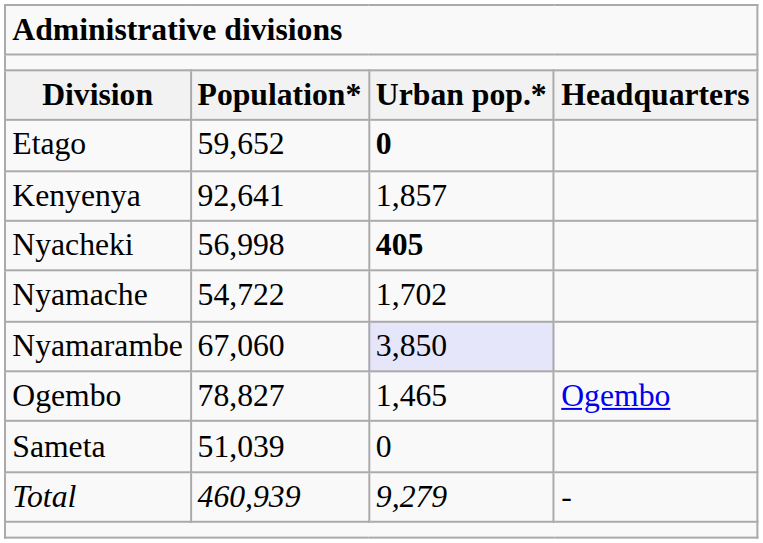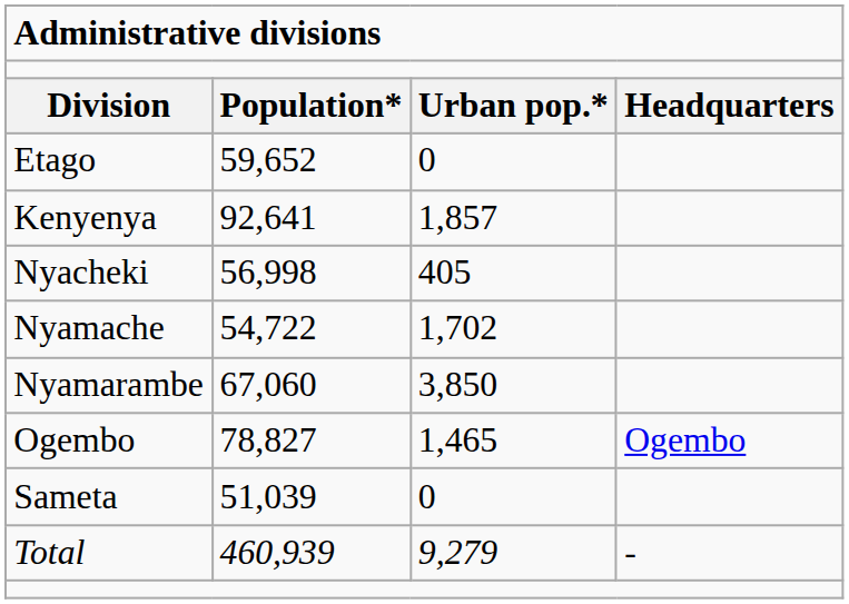 <table class="wikitable">
 <tr>
 <td colspan="4"><strong>Administrative divisions</strong></td>
 </tr>
 <tr>
 <td colspan="4"></td>
 </tr>
 <tr>
 <th>Division</th>
 <th>Population*</th>
 <th>Urban pop.*</th>
 <th>Headquarters</th>
 </tr>
 <tr>
 <td>Etago</td>
 <td>59,652</td>
-<td><strong>0</strong></td>
+<td>0</td>
 <td></td>
 </tr>
 <tr>
 <td>Kenyenya</td>
 <td>92,641</td>
 <td>1,857</td>
 <td></td>
 </tr>
 <tr>
 <td>Nyacheki</td>
 <td>56,998</td>
-<td><strong>405</strong></td>
+<td>405</td>
 <td></td>
 </tr>
 <tr>
 <td>Nyamache</td>
 <td>54,722</td>
 <td>1,702</td>
 <td></td>
 </tr>
 <tr>
 <td>Nyamarambe</td>
 <td>67,060</td>
-<td style="background: lavender;">3,850</td>
+<td>3,850</td>
 <td></td>
 </tr>
 <tr>
 <td>Ogembo</td>
 <td>78,827</td>
 <td>1,465</td>
 <td><a href='#'>Ogembo</a></td>
 </tr>
 <tr>
 <td>Sameta</td>
 <td>51,039</td>
 <td>0</td>
 <td></td>
 </tr>
 <tr>
 <td><em>Total</em></td>
 <td><em>460,939</em></td>
 <td><em>9,279</em></td>
 <td>-</td>
 </tr>
 <tr>
 <td colspan="4"></td>
 </tr>
 </table>
